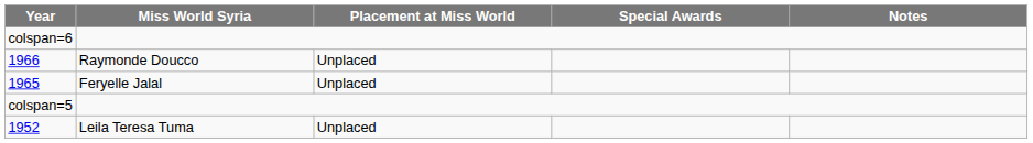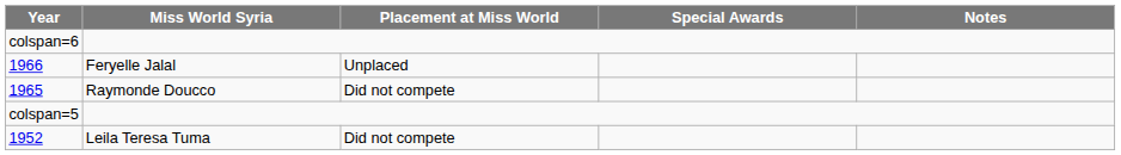 <table class="wikitable " style="font-size: 95%;">
 <tr>
 <th width="60" style="background-color:#787878;color:#FFFFFF;">Year</th>
 <th width="250" style="background-color:#787878;color:#FFFFFF;">Miss World Syria</th>
 <th width="250" style="background-color:#787878;color:#FFFFFF;">Placement at Miss World</th>
 <th width="250" style="background-color:#787878;color:#FFFFFF;">Special Awards</th>
 <th width="250" style="background-color:#787878;color:#FFFFFF;">Notes</th>
 </tr>
 <tr>
 <td>colspan=6 </td>
 </tr>
 <tr>
 <td><a href='#'>1966</a></td>
-<td>Raymonde Doucco</td>
+<td>Feryelle Jalal</td>
 <td>Unplaced</td>
 <td></td>
 <td></td>
 </tr>
 <tr>
 <td><a href='#'>1965</a></td>
-<td>Feryelle Jalal</td>
-<td>Unplaced</td>
+<td>Raymonde Doucco</td>
+<td>Did not compete</td>
 <td></td>
 <td></td>
 </tr>
 <tr>
 <td>colspan=5 </td>
 </tr>
 <tr>
 <td><a href='#'>1952</a></td>
 <td>Leila Teresa Tuma</td>
-<td>Unplaced</td>
+<td>Did not compete</td>
 <td></td>
 <td></td>
 </tr>
 </table>
